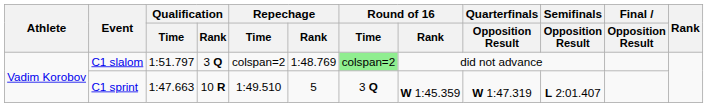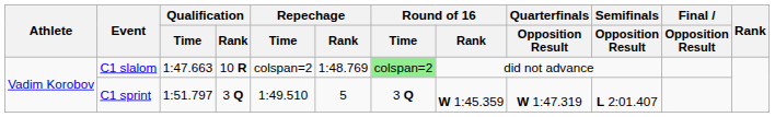 <table class="wikitable" style="font-size:90%;">
 <tr>
 <th rowspan=2>Athlete</th>
 <th rowspan=2>Event</th>
 <th colspan=2>Qualification</th>
 <th colspan=2>Repechage</th>
 <th colspan=2>Round of 16</th>
 <th>Quarterfinals</th>
 <th>Semifinals</th>
 <th>Final / </th>
 <th rowspan=2>Rank</th>
 </tr>
 <tr style="font-size:95%">
 <th>Time</th>
 <th>Rank</th>
 <th>Time</th>
 <th>Rank</th>
 <th>Time</th>
 <th>Rank</th>
 <th>Opposition <br>Result</th>
 <th>Opposition <br>Result</th>
 <th>Opposition <br>Result</th>
 </tr>
 <tr align=center>
 <td rowspan=2 align=left><a href='#'>Vadim Korobov</a></td>
 <td align=left><a href='#'>C1 slalom</a></td>
-<td>1:51.797</td>
-<td>3 <strong>Q</strong></td>
+<td>1:47.663</td>
+<td>10 <strong>R</strong></td>
 <td>colspan=2 </td>
 <td>1:48.769</td>
 <td style="background: lightgreen;">colspan=2 </td>
 <td colspan=3>did not advance</td>
 <td></td>
 </tr>
 <tr align=center>
 <td align=left><a href='#'>C1 sprint</a></td>
-<td>1:47.663</td>
-<td>10 <strong>R</strong></td>
+<td>1:51.797</td>
+<td>3 <strong>Q</strong></td>
 <td>1:49.510</td>
 <td>5</td>
 <td>3 <strong>Q</strong></td>
 <td><br><strong>W</strong> 1:45.359</td>
 <td><br><strong>W</strong> 1:47.319</td>
 <td><br><strong>L</strong> 2:01.407</td>
 <td></td>
 </tr>
 </table>
